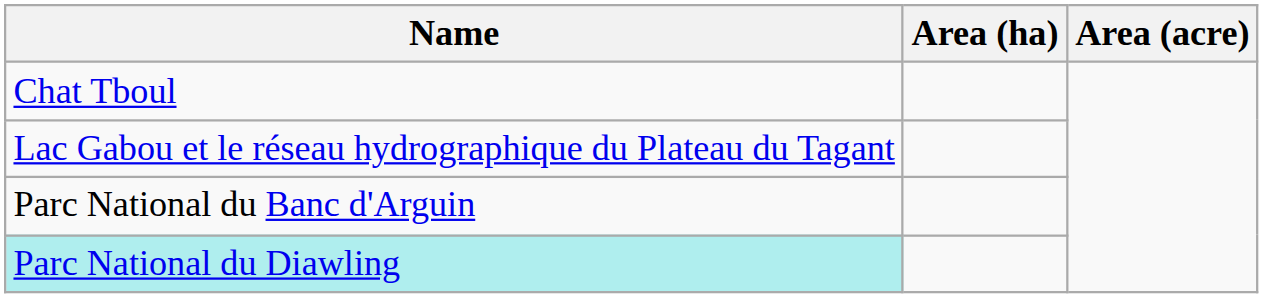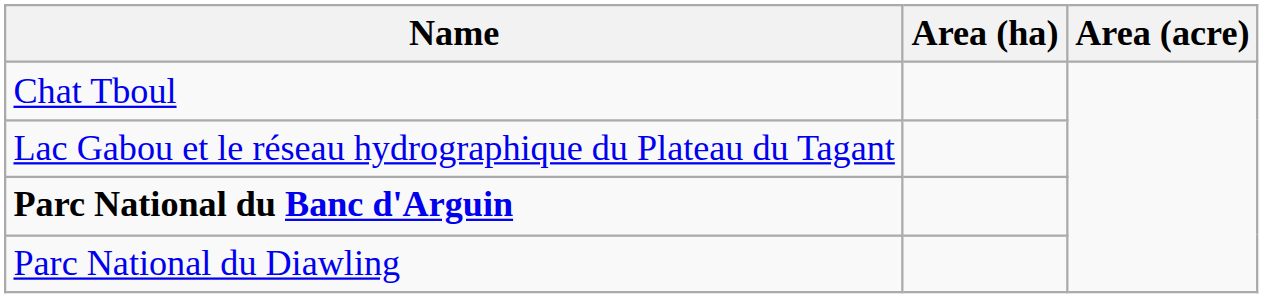 <table class="wikitable sortable">
 <tr>
 <th scope="col" align=left>Name</th>
 <th scope="col">Area (ha)</th>
 <th scope="col">Area (acre)</th>
 </tr>
 <tr ---->
 <td><a href='#'>Chat Tboul</a></td>
 <td></td>
 </tr>
 <tr ---->
 <td><a href='#'>Lac Gabou et le réseau hydrographique du Plateau du Tagant</a></td>
 <td></td>
 </tr>
 <tr ---->
-<td>Parc National du <a href='#'>Banc d'Arguin</a></td>
+<td><strong>Parc National du <a href='#'>Banc d'Arguin</a></strong></td>
 <td></td>
 </tr>
 <tr ---->
-<td style="background: paleturquoise;"><a href='#'>Parc National du Diawling</a></td>
+<td><a href='#'>Parc National du Diawling</a></td>
 <td></td>
 </tr>
 </table>
